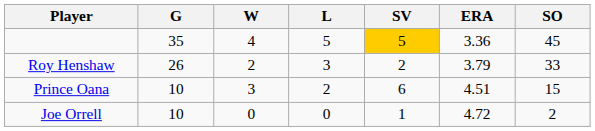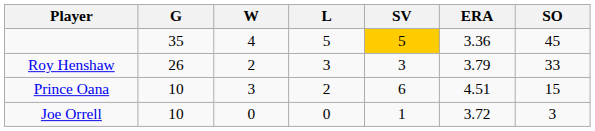 <table class="wikitable sortable">
 <tr>
 <th bgcolor="#DDDDFF" width="16%">Player</th>
 <th bgcolor="#DDDDFF" width="9%">G</th>
 <th bgcolor="#DDDDFF" width="9%">W</th>
 <th bgcolor="#DDDDFF" width="9%">L</th>
 <th bgcolor="#DDDDFF" width="9%">SV</th>
 <th bgcolor="#DDDDFF" width="9%">ERA</th>
 <th bgcolor="#DDDDFF" width="9%">SO</th>
 </tr>
 <tr align="center">
 <td></td>
 <td>35</td>
 <td>4</td>
 <td>5</td>
 <td style="background:#fc0;">5</td>
 <td>3.36</td>
 <td>45</td>
 </tr>
 <tr align="center">
 <td><a href='#'>Roy Henshaw</a></td>
 <td>26</td>
 <td>2</td>
 <td>3</td>
-<td>2</td>
+<td>3</td>
 <td>3.79</td>
 <td>33</td>
 </tr>
 <tr align="center">
 <td><a href='#'>Prince Oana</a></td>
 <td>10</td>
 <td>3</td>
 <td>2</td>
 <td>6</td>
 <td>4.51</td>
 <td>15</td>
 </tr>
 <tr align="center">
 <td><a href='#'>Joe Orrell</a></td>
 <td>10</td>
 <td>0</td>
 <td>0</td>
 <td>1</td>
-<td>4.72</td>
-<td>2</td>
+<td>3.72</td>
+<td>3</td>
 </tr>
 </table>
